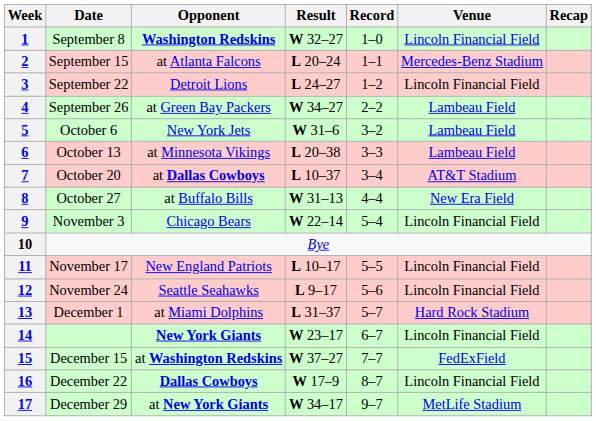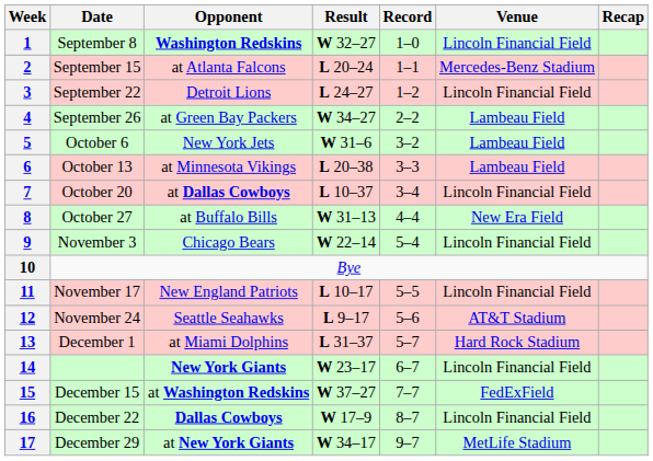 <table class="wikitable" style="text-align:center">
 <tr>
 <th>Week</th>
 <th>Date</th>
 <th>Opponent</th>
 <th>Result</th>
 <th>Record</th>
 <th>Venue</th>
 <th>Recap</th>
 </tr>
 <tr style="background:#cfc">
 <th><a href='#'>1</a></th>
 <td>September 8</td>
 <td><strong><a href='#'>Washington Redskins</a></strong></td>
 <td><strong>W</strong> 32–27</td>
 <td>1–0</td>
 <td><a href='#'>Lincoln Financial Field</a></td>
 <td></td>
 </tr>
 <tr style="background:#fcc">
 <th><a href='#'>2</a></th>
 <td>September 15</td>
 <td>at <a href='#'>Atlanta Falcons</a></td>
 <td><strong>L</strong> 20–24</td>
 <td>1–1</td>
 <td><a href='#'>Mercedes-Benz Stadium</a></td>
 <td></td>
 </tr>
 <tr style="background:#fcc">
 <th><a href='#'>3</a></th>
 <td>September 22</td>
 <td><a href='#'>Detroit Lions</a></td>
 <td><strong>L</strong> 24–27</td>
 <td>1–2</td>
 <td>Lincoln Financial Field</td>
 <td></td>
 </tr>
 <tr style="background:#cfc">
 <th><a href='#'>4</a></th>
 <td>September 26</td>
 <td>at <a href='#'>Green Bay Packers</a></td>
 <td><strong>W</strong> 34–27</td>
 <td>2–2</td>
 <td><a href='#'>Lambeau Field</a></td>
 <td></td>
 </tr>
 <tr style="background:#cfc">
 <th><a href='#'>5</a></th>
 <td>October 6</td>
 <td><a href='#'>New York Jets</a></td>
 <td><strong>W</strong> 31–6</td>
 <td>3–2</td>
 <td><a href='#'>Lambeau Field</a></td>
 <td></td>
 </tr>
 <tr style="background:#fcc">
 <th><a href='#'>6</a></th>
 <td>October 13</td>
 <td>at <a href='#'>Minnesota Vikings</a></td>
 <td><strong>L</strong> 20–38</td>
 <td>3–3</td>
 <td><a href='#'>Lambeau Field</a></td>
 <td></td>
 </tr>
 <tr style="background:#fcc">
 <th><a href='#'>7</a></th>
 <td>October 20</td>
 <td>at <strong><a href='#'>Dallas Cowboys</a></strong></td>
 <td><strong>L</strong> 10–37</td>
 <td>3–4</td>
-<td><a href='#'>AT&T Stadium</a></td>
+<td>Lincoln Financial Field</td>
 <td></td>
 </tr>
 <tr style="background:#cfc">
 <th><a href='#'>8</a></th>
 <td>October 27</td>
 <td>at <a href='#'>Buffalo Bills</a></td>
 <td><strong>W</strong> 31–13</td>
 <td>4–4</td>
 <td><a href='#'>New Era Field</a></td>
 <td></td>
 </tr>
 <tr style="background:#cfc">
 <th><a href='#'>9</a></th>
 <td>November 3</td>
 <td><a href='#'>Chicago Bears</a></td>
 <td><strong>W</strong> 22–14</td>
 <td>5–4</td>
 <td>Lincoln Financial Field</td>
 <td></td>
 </tr>
 <tr>
 <th>10</th>
 <td colspan="6"><em><a href='#'>Bye</a></em></td>
 </tr>
 <tr style="background:#fcc">
 <th><a href='#'>11</a></th>
 <td>November 17</td>
 <td><a href='#'>New England Patriots</a></td>
 <td><strong>L</strong> 10–17</td>
 <td>5–5</td>
 <td>Lincoln Financial Field</td>
 <td></td>
 </tr>
 <tr style="background:#fcc">
 <th><a href='#'>12</a></th>
 <td>November 24</td>
 <td><a href='#'>Seattle Seahawks</a></td>
 <td><strong>L</strong> 9–17</td>
 <td>5–6</td>
-<td>Lincoln Financial Field</td>
+<td><a href='#'>AT&T Stadium</a></td>
 <td></td>
 </tr>
 <tr style="background:#fcc">
 <th><a href='#'>13</a></th>
 <td>December 1</td>
 <td>at <a href='#'>Miami Dolphins</a></td>
 <td><strong>L</strong> 31–37</td>
 <td>5–7</td>
 <td><a href='#'>Hard Rock Stadium</a></td>
 <td></td>
 </tr>
 <tr style="background:#cfc">
 <th><a href='#'>14</a></th>
 <td></td>
 <td><strong><a href='#'>New York Giants</a></strong></td>
 <td><strong>W</strong> 23–17 </td>
 <td>6–7</td>
 <td>Lincoln Financial Field</td>
 <td></td>
 </tr>
 <tr style="background:#cfc">
 <th><a href='#'>15</a></th>
 <td>December 15</td>
 <td>at <strong><a href='#'>Washington Redskins</a></strong></td>
 <td><strong>W</strong> 37–27</td>
 <td>7–7</td>
 <td><a href='#'>FedExField</a></td>
 <td></td>
 </tr>
 <tr style="background:#cfc">
 <th><a href='#'>16</a></th>
 <td>December 22</td>
 <td><strong><a href='#'>Dallas Cowboys</a></strong></td>
 <td><strong>W</strong> 17–9</td>
 <td>8–7</td>
 <td>Lincoln Financial Field</td>
 <td></td>
 </tr>
 <tr style="background:#cfc">
 <th><a href='#'>17</a></th>
 <td>December 29</td>
 <td>at <strong><a href='#'>New York Giants</a></strong></td>
 <td><strong>W</strong> 34–17</td>
 <td>9–7</td>
 <td><a href='#'>MetLife Stadium</a></td>
 <td></td>
 </tr>
 </table>
